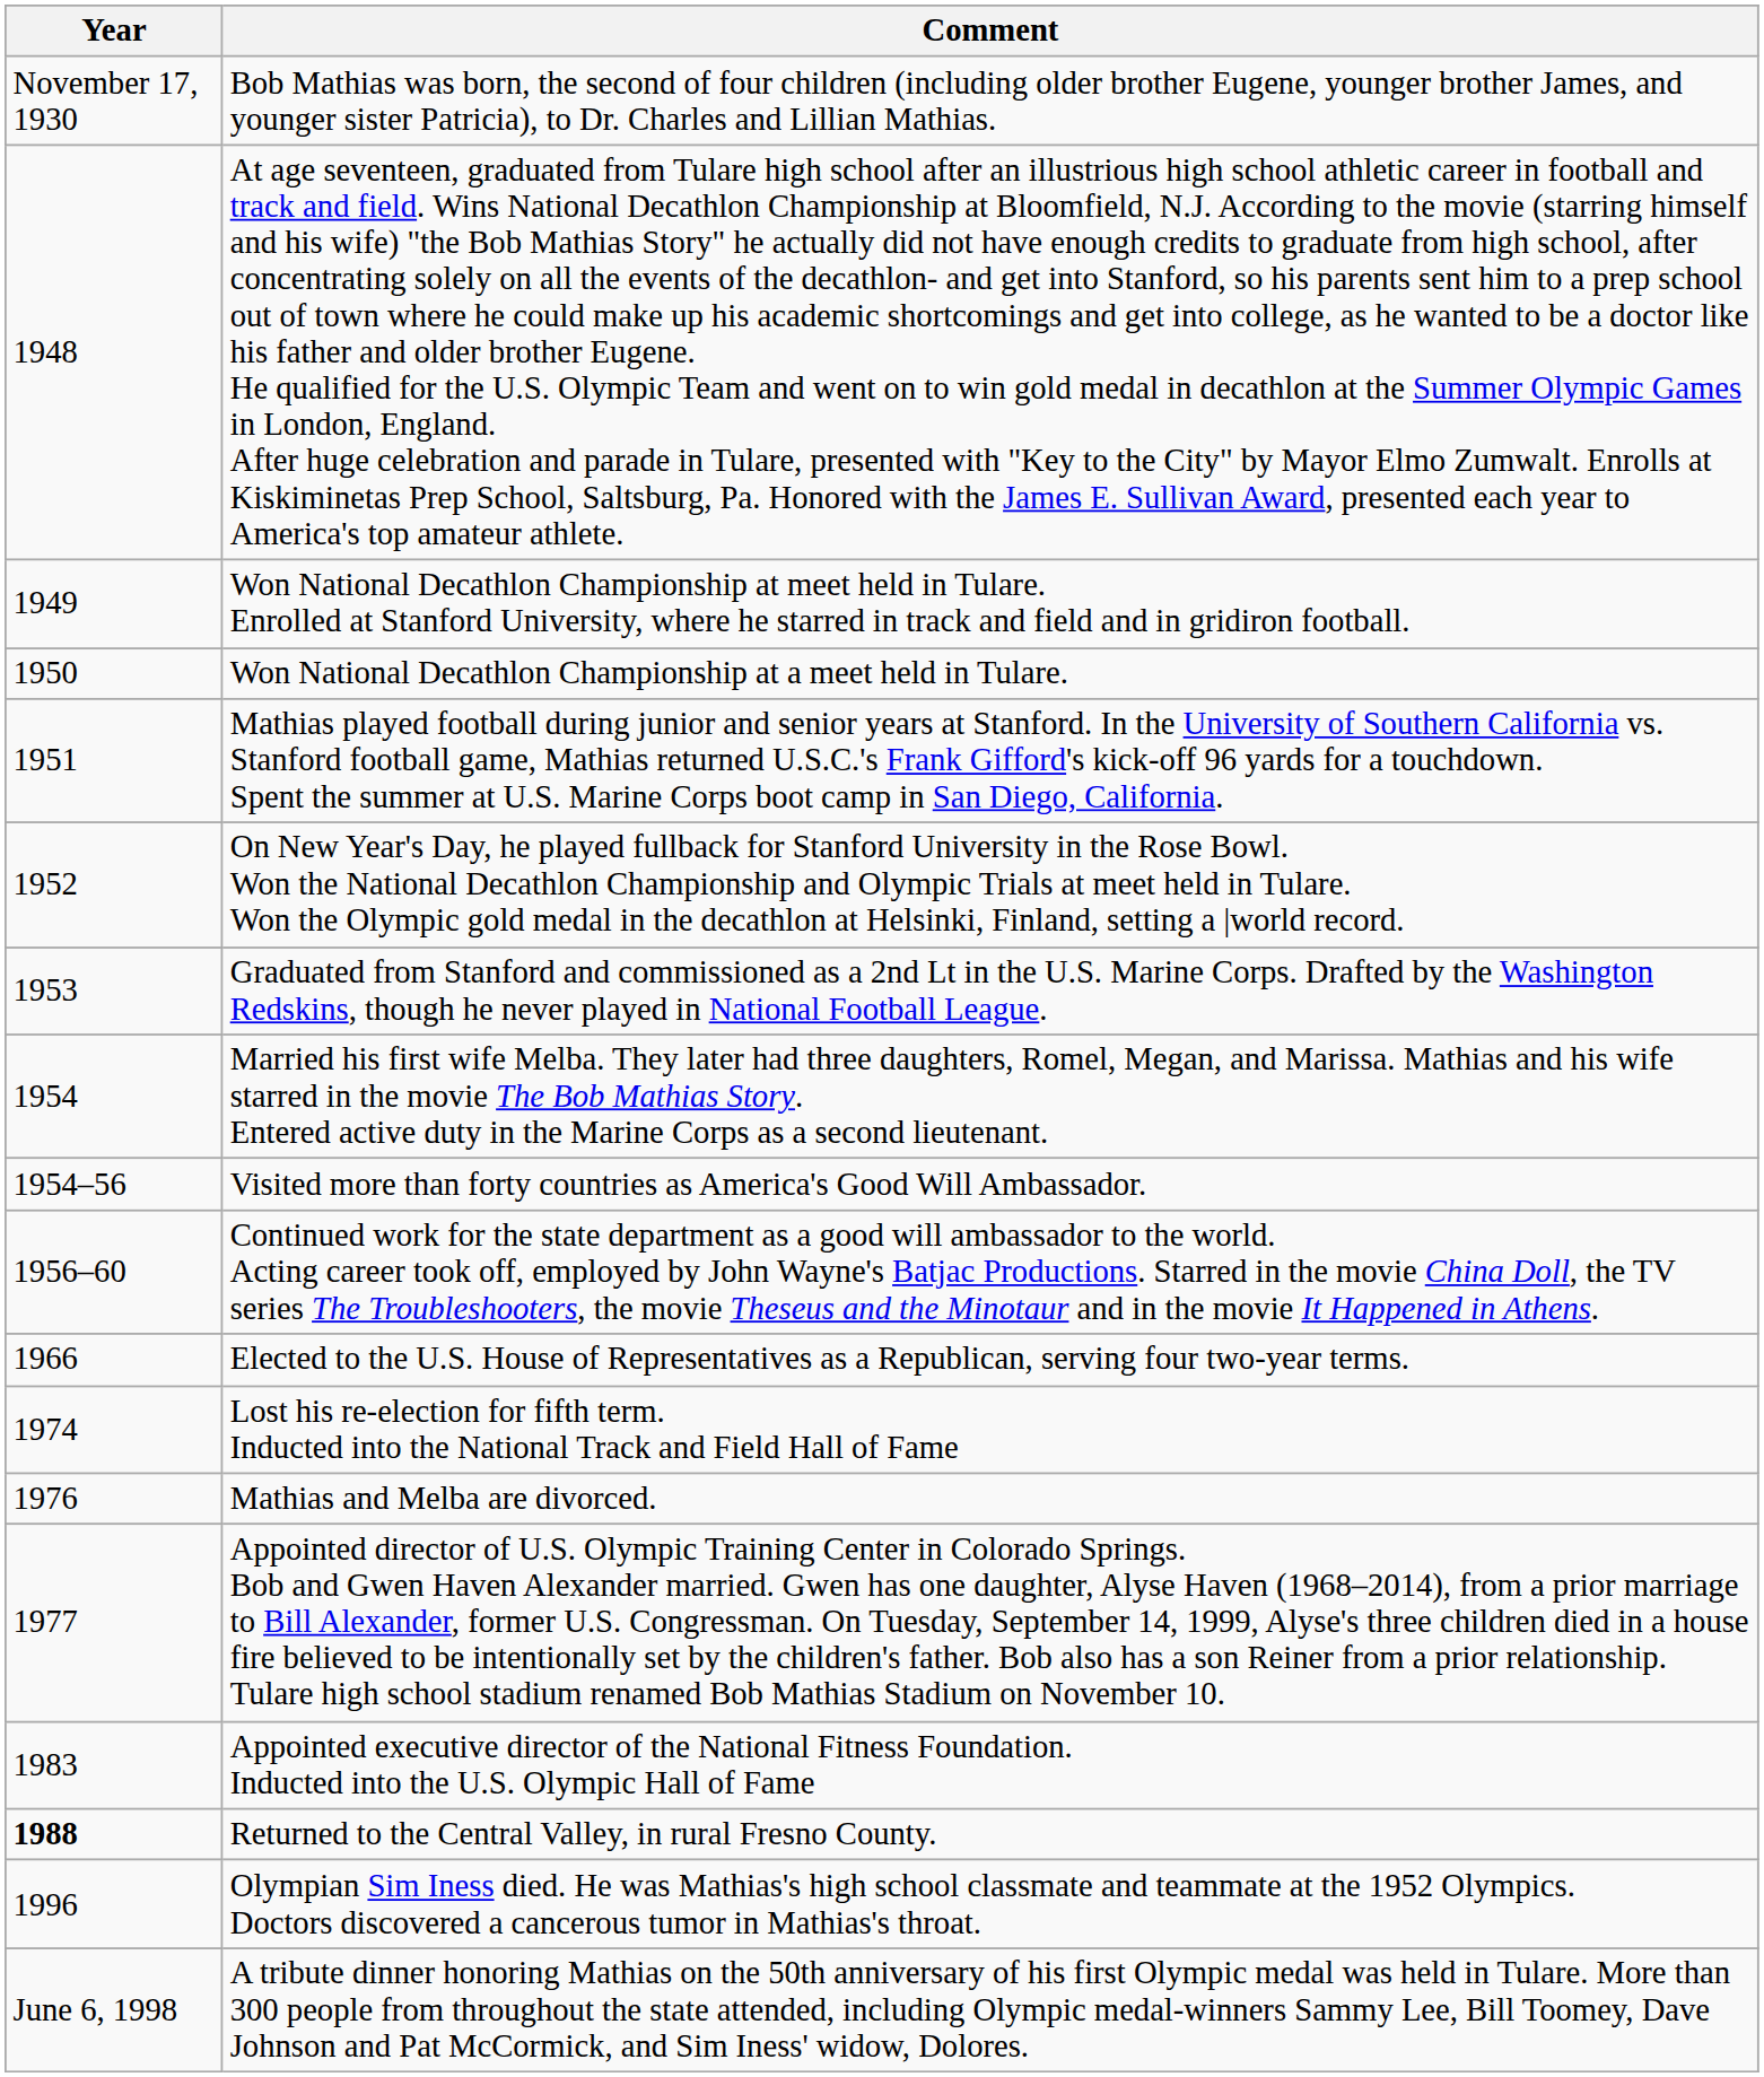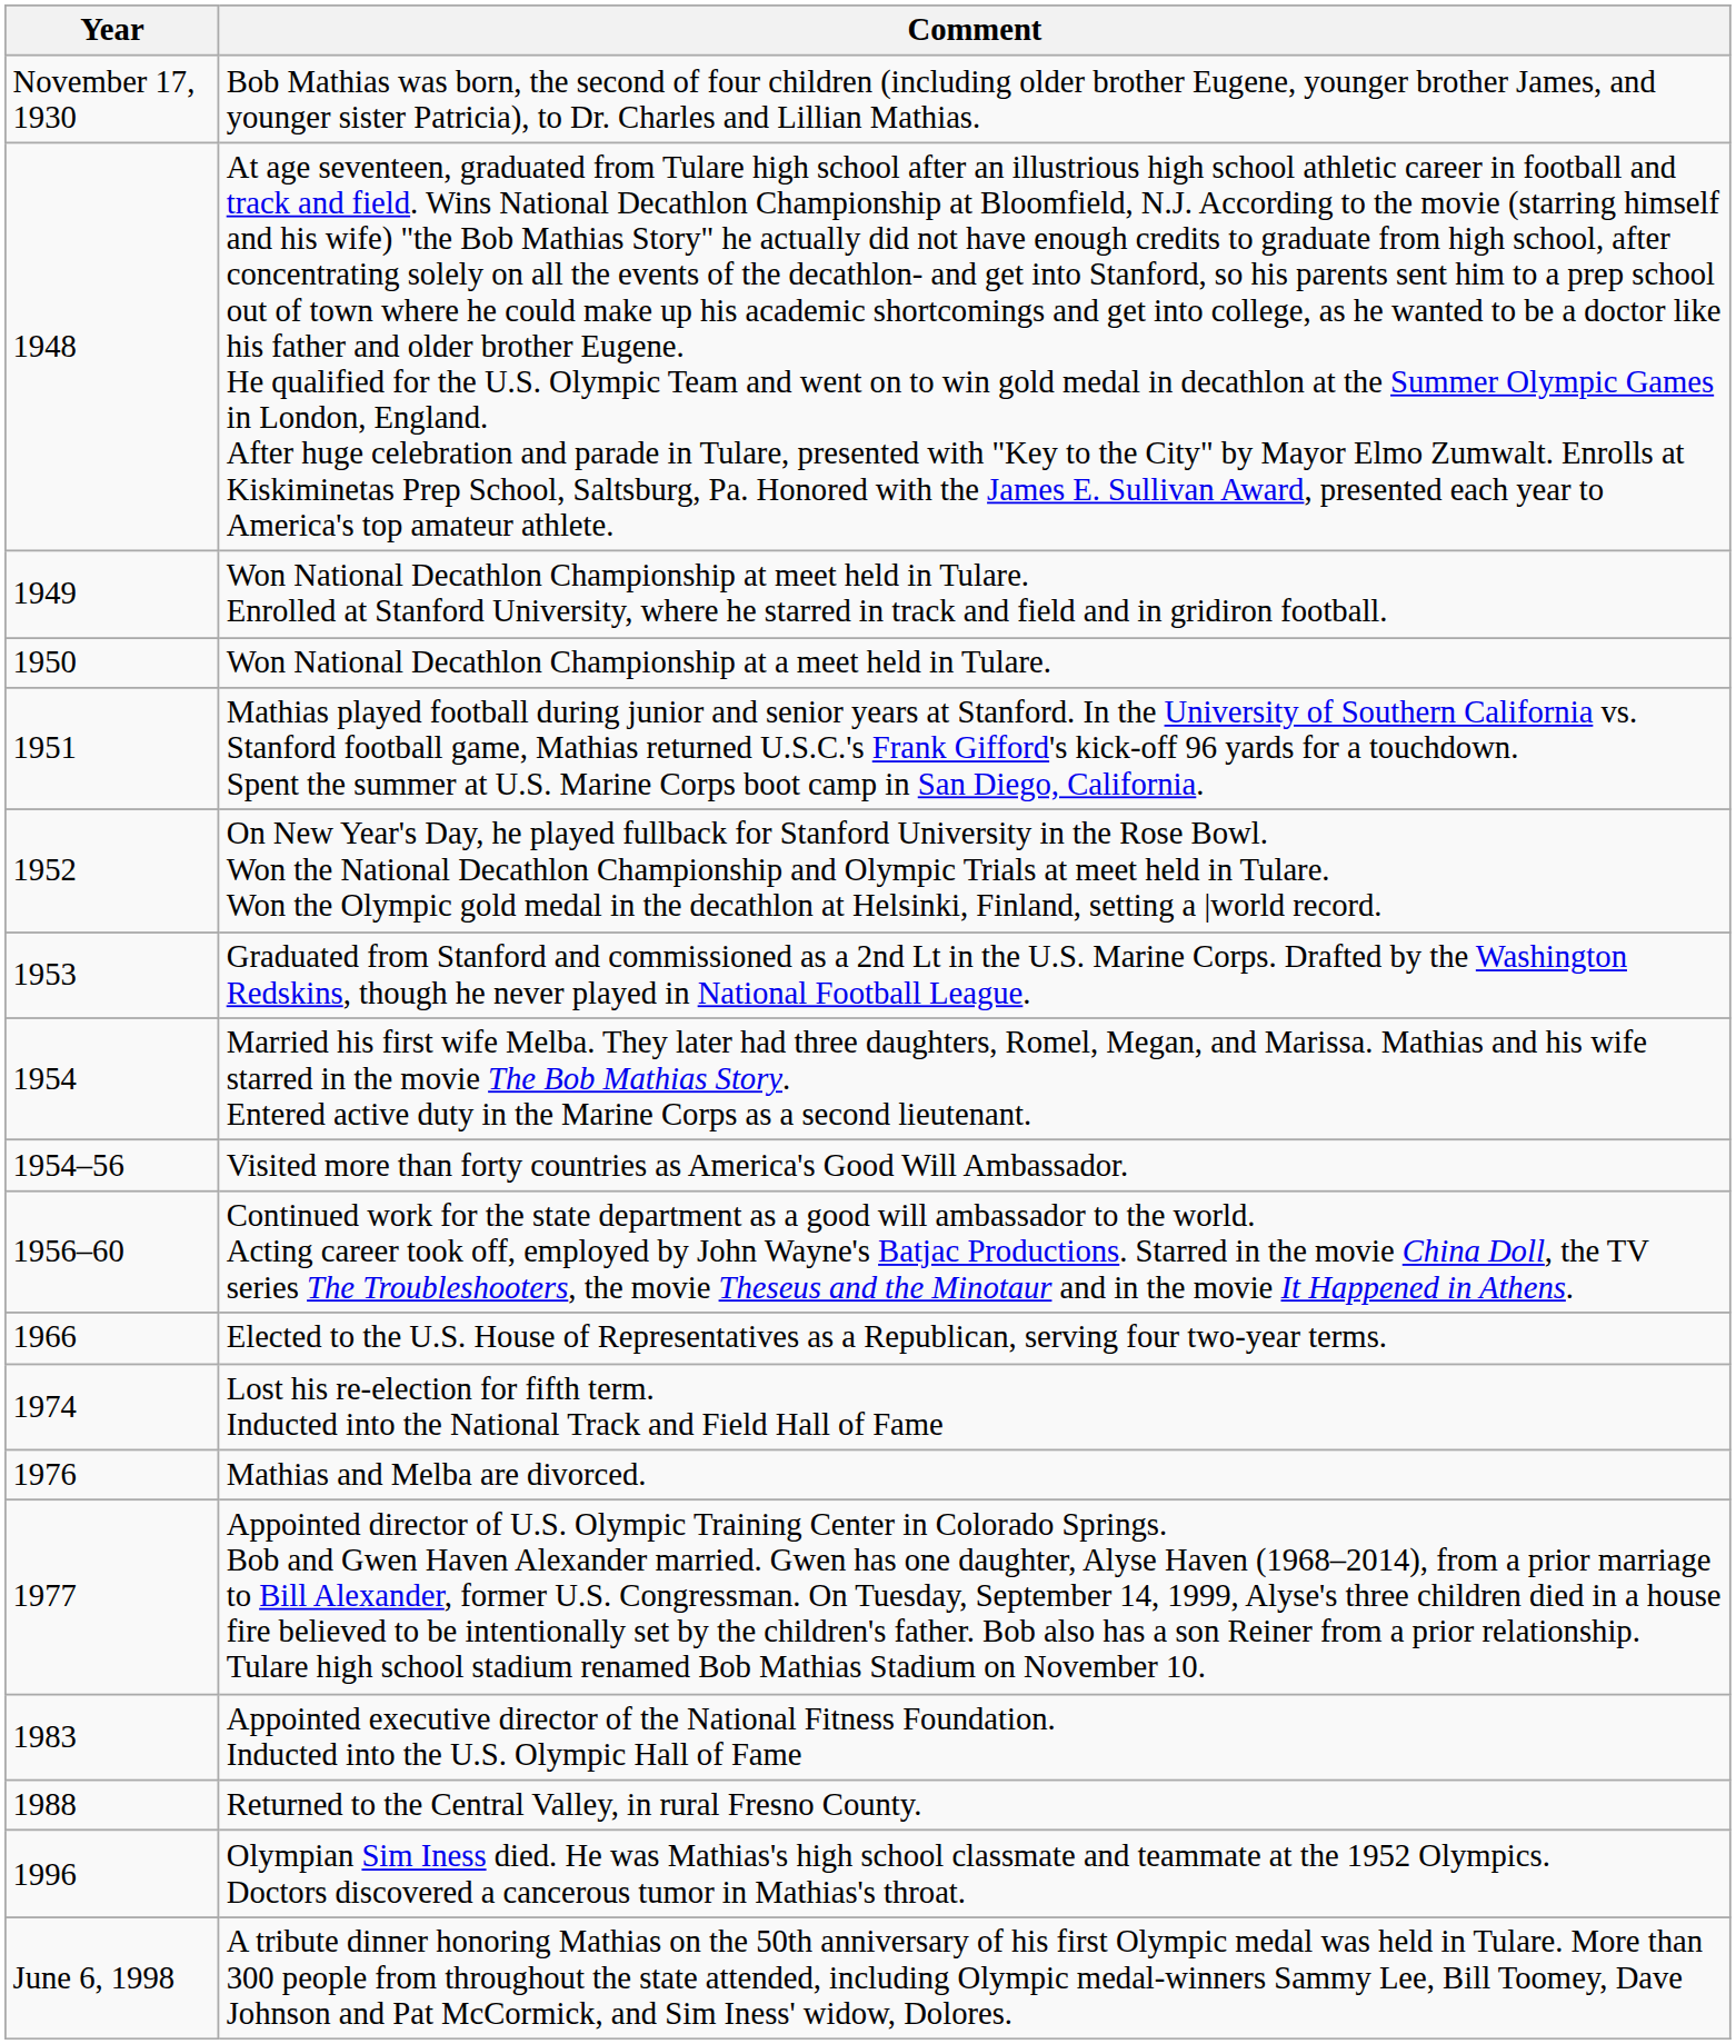 <table class="wikitable">
 <tr>
 <th width=100px>Year</th>
 <th>Comment</th>
 </tr>
 <tr>
 <td>November 17, 1930</td>
 <td>Bob Mathias was born, the second of four children (including older brother Eugene, younger brother James, and younger sister Patricia), to Dr. Charles and Lillian Mathias.</td>
 </tr>
 <tr>
 <td>1948</td>
 <td>At age seventeen, graduated from Tulare high school after an illustrious high school athletic career in football and <a href='#'>track and field</a>. Wins National Decathlon Championship at Bloomfield, N.J. According to the movie (starring himself and his wife) "the Bob Mathias Story" he actually did not have enough credits to graduate from high school, after concentrating solely on all the events of the decathlon- and get into Stanford, so his parents sent him to a prep school out of town where he could make up his academic shortcomings and get into college, as he wanted to be a doctor like his father and older brother Eugene.<br>He qualified for the U.S. Olympic Team and went on to win gold medal in decathlon at the <a href='#'>Summer Olympic Games</a> in London, England.<br>After huge celebration and parade in Tulare, presented with "Key to the City" by Mayor Elmo Zumwalt. Enrolls at Kiskiminetas Prep School, Saltsburg, Pa. Honored with the <a href='#'>James E. Sullivan Award</a>, presented each year to America's top amateur athlete.</td>
 </tr>
 <tr>
 <td>1949</td>
 <td>Won National Decathlon Championship at meet held in Tulare.<br>Enrolled at Stanford University, where he starred in track and field and in gridiron football.</td>
 </tr>
 <tr>
 <td>1950</td>
 <td>Won National Decathlon Championship at a meet held in Tulare.</td>
 </tr>
 <tr>
 <td>1951</td>
 <td>Mathias played football during junior and senior years at Stanford. In the <a href='#'>University of Southern California</a> vs. Stanford football game, Mathias returned U.S.C.'s <a href='#'>Frank Gifford</a>'s kick-off 96 yards for a touchdown.<br>Spent the summer at U.S. Marine Corps boot camp in <a href='#'>San Diego, California</a>.</td>
 </tr>
 <tr>
 <td>1952</td>
 <td>On New Year's Day, he played fullback for Stanford University in the Rose Bowl.<br>Won the National Decathlon Championship and Olympic Trials at meet held in Tulare.<br>Won the Olympic gold medal in the decathlon at Helsinki, Finland, setting a |world record.</td>
 </tr>
 <tr>
 <td>1953</td>
 <td>Graduated from Stanford and commissioned as a 2nd Lt in the U.S. Marine Corps. Drafted by the <a href='#'>Washington Redskins</a>, though he never played in <a href='#'>National Football League</a>.</td>
 </tr>
 <tr>
 <td>1954</td>
 <td>Married his first wife Melba. They later had three daughters, Romel, Megan, and Marissa. Mathias and his wife starred in the movie <em><a href='#'>The Bob Mathias Story</a></em>.<br>Entered active duty in the Marine Corps as a second lieutenant.</td>
 </tr>
 <tr>
 <td>1954–56</td>
 <td>Visited more than forty countries as America's Good Will Ambassador.</td>
 </tr>
 <tr>
 <td>1956–60</td>
 <td>Continued work for the state department as a good will ambassador to the world.<br>Acting career took off, employed by John Wayne's <a href='#'>Batjac Productions</a>. Starred in the movie <em><a href='#'>China Doll</a></em>, the TV series <em><a href='#'>The Troubleshooters</a></em>, the movie <em><a href='#'>Theseus and the Minotaur</a></em> and in the movie <em><a href='#'>It Happened in Athens</a></em>.</td>
 </tr>
 <tr>
 <td>1966</td>
 <td>Elected to the U.S. House of Representatives as a Republican, serving four two-year terms.</td>
 </tr>
 <tr>
 <td>1974</td>
 <td>Lost his re-election for fifth term.<br>Inducted into the National Track and Field Hall of Fame</td>
 </tr>
 <tr>
 <td>1976</td>
 <td>Mathias and Melba are divorced.</td>
 </tr>
 <tr>
 <td>1977</td>
 <td>Appointed director of U.S. Olympic Training Center in Colorado Springs.<br>Bob and Gwen Haven Alexander married. Gwen has one daughter, Alyse Haven (1968–2014), from a prior marriage to <a href='#'>Bill Alexander</a>, former U.S. Congressman. On Tuesday, September 14, 1999, Alyse's three children died in a house fire believed to be intentionally set by the children's father. Bob also has a son Reiner from a prior relationship.<br>Tulare high school stadium renamed Bob Mathias Stadium on November 10.</td>
 </tr>
 <tr>
 <td>1983</td>
 <td>Appointed executive director of the National Fitness Foundation. <br>Inducted into the U.S. Olympic Hall of Fame</td>
 </tr>
 <tr>
-<td><strong>1988</strong></td>
+<td>1988</td>
 <td>Returned to the Central Valley, in rural Fresno County.</td>
 </tr>
 <tr>
 <td>1996</td>
 <td>Olympian <a href='#'>Sim Iness</a> died. He was Mathias's high school classmate and teammate at the 1952 Olympics.<br>Doctors discovered a cancerous tumor in Mathias's throat.</td>
 </tr>
 <tr>
 <td>June 6, 1998</td>
 <td>A tribute dinner honoring Mathias on the 50th anniversary of his first Olympic medal was held in Tulare. More than 300 people from throughout the state attended, including Olympic medal-winners Sammy Lee, Bill Toomey, Dave Johnson and Pat McCormick, and Sim Iness' widow, Dolores.</td>
 </tr>
 </table>
